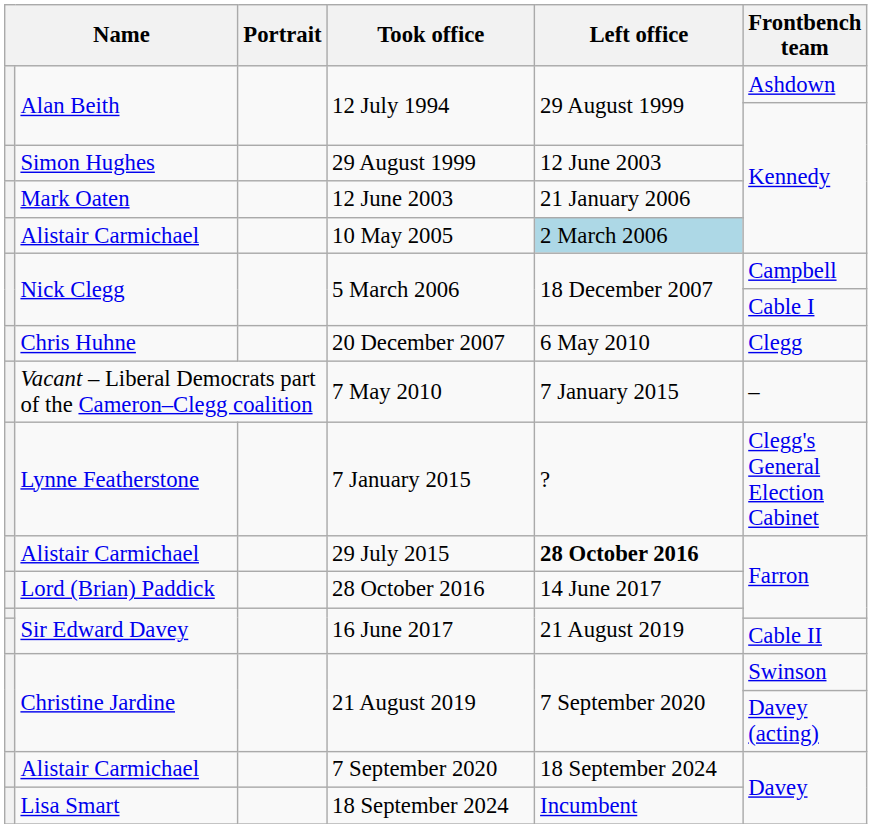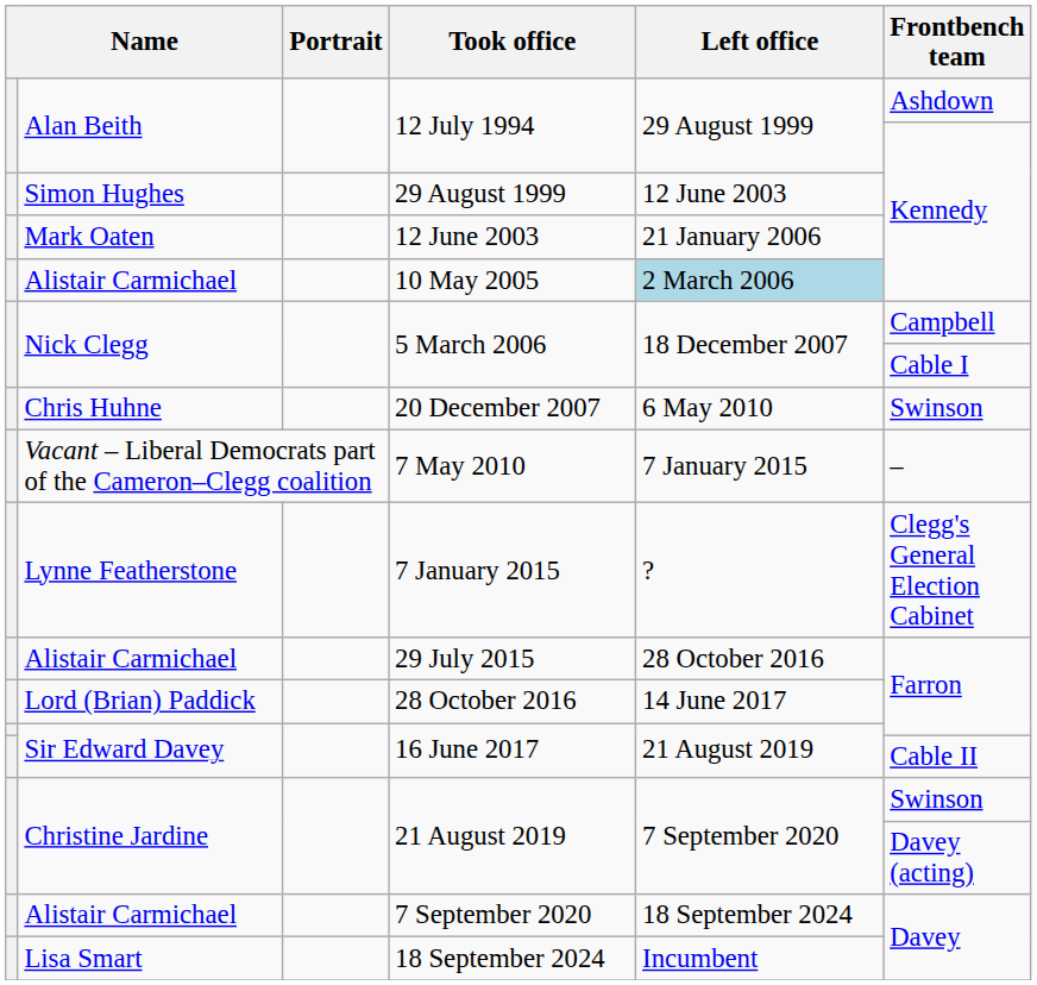 <table class="wikitable">
 <tr>
 <th colspan=2>Name</th>
 <th>Portrait</th>
 <th width=150>Took office</th>
 <th width=150>Left office</th>
 <th colspan=2>Frontbench team</th>
 </tr>
 <tr>
 <th rowspan=2 style="background-color: "></th>
 <td rowspan=2><a href='#'>Alan Beith</a></td>
 <td rowspan=2></td>
 <td rowspan=2>12 July 1994</td>
 <td rowspan=2>29 August 1999</td>
 <td><a href='#'>Ashdown</a></td>
 </tr>
 <tr style="height:30px">
 <td rowspan=4><a href='#'>Kennedy</a></td>
 </tr>
 <tr>
 <th style="background-color: "></th>
 <td width=160><a href='#'>Simon Hughes</a></td>
 <td></td>
 <td>29 August 1999</td>
 <td>12 June 2003</td>
 </tr>
 <tr>
 <th style="background-color: "></th>
 <td width=160><a href='#'>Mark Oaten</a></td>
 <td></td>
 <td>12 June 2003</td>
 <td>21 January 2006</td>
 </tr>
 <tr>
 <th style="background-color: "></th>
 <td width=160><a href='#'>Alistair Carmichael</a><br></td>
 <td></td>
 <td>10 May 2005</td>
 <td style="background: lightblue;">2 March 2006</td>
 </tr>
 <tr>
 <th rowspan="2" style="background-color: "></th>
 <td rowspan="2" width=160><a href='#'>Nick Clegg</a></td>
 <td rowspan="2"></td>
 <td rowspan="2">5 March 2006</td>
 <td rowspan="2">18 December 2007</td>
 <td><a href='#'>Campbell</a></td>
 </tr>
 <tr>
 <td><a href='#'>Cable I</a></td>
 </tr>
 <tr>
 <th style="background-color: "></th>
 <td width=160><a href='#'>Chris Huhne</a></td>
 <td></td>
 <td>20 December 2007</td>
 <td>6 May 2010</td>
-<td><a href='#'>Clegg</a></td>
+<td><a href='#'>Swinson</a></td>
 </tr>
 <tr>
 <th></th>
 <td width=160 colspan="2"><em>Vacant</em> – Liberal Democrats part of the <a href='#'>Cameron–Clegg coalition</a></td>
 <td>7 May 2010</td>
 <td>7 January 2015</td>
 <td>–</td>
 </tr>
 <tr>
 <th style="background-color: "></th>
 <td width=160><a href='#'>Lynne Featherstone</a></td>
 <td></td>
 <td>7 January 2015</td>
 <td>?</td>
 <td><a href='#'>Clegg's General Election Cabinet</a></td>
 </tr>
 <tr>
 <th style="background-color: "></th>
 <td width=160><a href='#'>Alistair Carmichael</a></td>
 <td></td>
 <td>29 July 2015</td>
-<td><strong>28 October 2016</strong></td>
+<td>28 October 2016</td>
 <td rowspan=3><a href='#'>Farron</a></td>
 </tr>
 <tr>
 <th style="background-color: "></th>
 <td width=160><a href='#'>Lord (Brian) Paddick</a></td>
 <td></td>
 <td>28 October 2016</td>
 <td>14 June 2017</td>
 </tr>
 <tr>
 <th style="background-color: "></th>
 <td rowspan=2 width=160><a href='#'>Sir Edward Davey</a></td>
 <td rowspan=2></td>
 <td rowspan=2>16 June 2017</td>
 <td rowspan=2>21 August 2019</td>
 </tr>
 <tr>
 <th style="background-color: "></th>
 <td><a href='#'>Cable II</a></td>
 </tr>
 <tr>
 <th rowspan="2" style="background-color: "></th>
 <td rowspan="2" width=160><a href='#'>Christine Jardine</a></td>
 <td rowspan="2"></td>
 <td rowspan="2">21 August 2019</td>
 <td rowspan="2">7 September 2020</td>
 <td><a href='#'>Swinson</a></td>
 </tr>
 <tr>
 <td><a href='#'>Davey (acting)</a></td>
 </tr>
 <tr>
 <th style="background-color: "></th>
 <td width=160><a href='#'>Alistair Carmichael</a></td>
 <td></td>
 <td>7 September 2020</td>
 <td>18 September 2024</td>
 <td rowspan="2"><a href='#'>Davey</a></td>
 </tr>
 <tr>
 <th style="background-color: "></th>
 <td width=160><a href='#'>Lisa Smart</a></td>
 <td></td>
 <td>18 September 2024</td>
 <td><a href='#'>Incumbent</a></td>
 </tr>
 </table>
